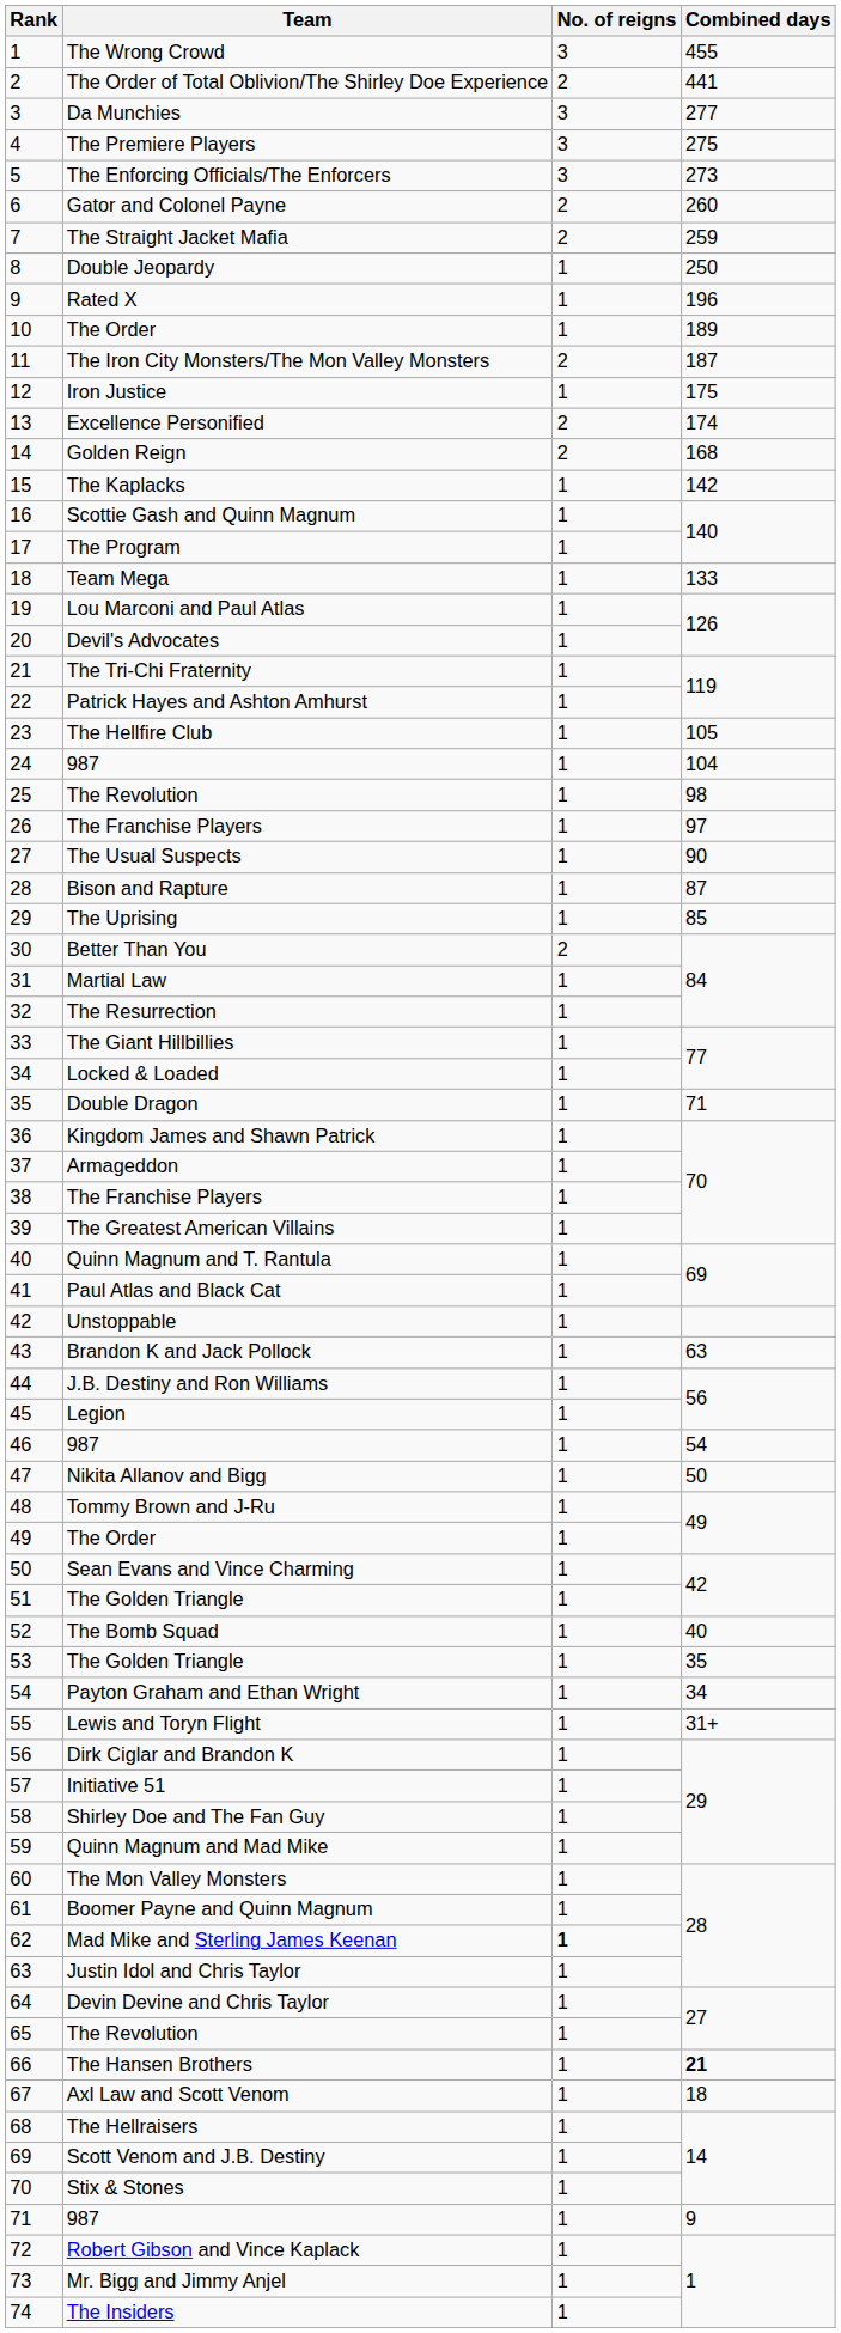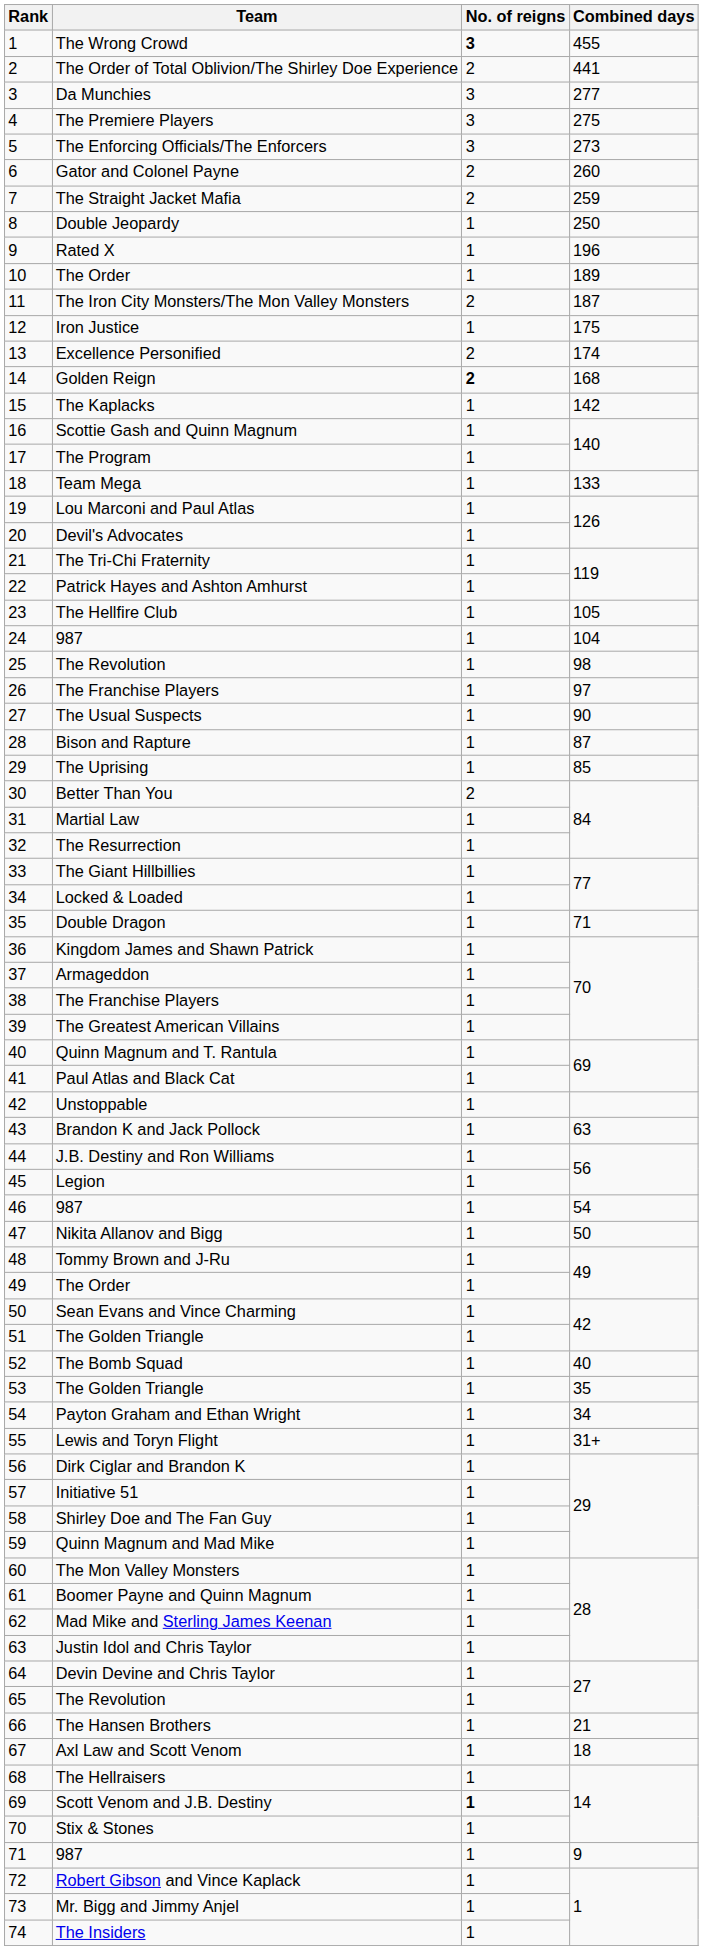 <table class="wikitable sortable">
 <tr>
 <th>Rank</th>
 <th>Team</th>
 <th>No. of reigns</th>
 <th>Combined days</th>
 </tr>
 <tr>
 <td>1</td>
 <td>The Wrong Crowd<br></td>
-<td>3</td>
+<td><strong>3</strong></td>
 <td>455</td>
 </tr>
 <tr>
 <td>2</td>
 <td>The Order of Total Oblivion/The Shirley Doe Experience<br></td>
 <td>2</td>
 <td>441</td>
 </tr>
 <tr>
 <td>3</td>
 <td>Da Munchies<br></td>
 <td>3</td>
 <td>277</td>
 </tr>
 <tr>
 <td>4</td>
 <td>The Premiere Players<br></td>
 <td>3</td>
 <td>275</td>
 </tr>
 <tr>
 <td>5</td>
 <td>The Enforcing Officials/The Enforcers<br></td>
 <td>3</td>
 <td>273</td>
 </tr>
 <tr>
 <td>6</td>
 <td>Gator and Colonel Payne</td>
 <td>2</td>
 <td>260</td>
 </tr>
 <tr>
 <td>7</td>
 <td>The Straight Jacket Mafia<br></td>
 <td>2</td>
 <td>259</td>
 </tr>
 <tr>
 <td>8</td>
 <td>Double Jeopardy<br></td>
 <td>1</td>
 <td>250</td>
 </tr>
 <tr>
 <td>9</td>
 <td>Rated X<br></td>
 <td>1</td>
 <td>196</td>
 </tr>
 <tr>
 <td>10</td>
 <td>The Order<br></td>
 <td>1</td>
 <td>189</td>
 </tr>
 <tr>
 <td>11</td>
 <td>The Iron City Monsters/The Mon Valley Monsters<br></td>
 <td>2</td>
 <td>187</td>
 </tr>
 <tr>
 <td>12</td>
 <td>Iron Justice<br></td>
 <td>1</td>
 <td>175</td>
 </tr>
 <tr>
 <td>13</td>
 <td>Excellence Personified<br></td>
 <td>2</td>
 <td>174</td>
 </tr>
 <tr>
 <td>14</td>
 <td>Golden Reign<br></td>
-<td>2</td>
+<td><strong>2</strong></td>
 <td>168</td>
 </tr>
 <tr>
 <td>15</td>
 <td>The Kaplacks<br></td>
 <td>1</td>
 <td>142</td>
 </tr>
 <tr>
 <td>16</td>
 <td>Scottie Gash and Quinn Magnum</td>
 <td>1</td>
 <td rowspan=2>140</td>
 </tr>
 <tr>
 <td>17</td>
 <td>The Program<br></td>
 <td>1</td>
 </tr>
 <tr>
 <td>18</td>
 <td>Team Mega<br></td>
 <td>1</td>
 <td>133</td>
 </tr>
 <tr>
 <td>19</td>
 <td>Lou Marconi and Paul Atlas</td>
 <td>1</td>
 <td rowspan=2>126</td>
 </tr>
 <tr>
 <td>20</td>
 <td>Devil's Advocates<br></td>
 <td>1</td>
 </tr>
 <tr>
 <td>21</td>
 <td>The Tri-Chi Fraternity<br></td>
 <td>1</td>
 <td rowspan=2>119</td>
 </tr>
 <tr>
 <td>22</td>
 <td>Patrick Hayes and Ashton Amhurst</td>
 <td>1</td>
 </tr>
 <tr>
 <td>23</td>
 <td>The Hellfire Club<br></td>
 <td>1</td>
 <td>105</td>
 </tr>
 <tr>
 <td>24</td>
 <td>987<br></td>
 <td>1</td>
 <td>104</td>
 </tr>
 <tr>
 <td>25</td>
 <td>The Revolution<br></td>
 <td>1</td>
 <td>98</td>
 </tr>
 <tr>
 <td>26</td>
 <td>The Franchise Players<br></td>
 <td>1</td>
 <td>97</td>
 </tr>
 <tr>
 <td>27</td>
 <td>The Usual Suspects<br></td>
 <td>1</td>
 <td>90</td>
 </tr>
 <tr>
 <td>28</td>
 <td>Bison and Rapture</td>
 <td>1</td>
 <td>87</td>
 </tr>
 <tr>
 <td>29</td>
 <td>The Uprising<br></td>
 <td>1</td>
 <td>85</td>
 </tr>
 <tr>
 <td>30</td>
 <td>Better Than You<br></td>
 <td>2</td>
 <td rowspan=3>84</td>
 </tr>
 <tr>
 <td>31</td>
 <td>Martial Law<br></td>
 <td>1</td>
 </tr>
 <tr>
 <td>32</td>
 <td>The Resurrection<br></td>
 <td>1</td>
 </tr>
 <tr>
 <td>33</td>
 <td>The Giant Hillbillies<br></td>
 <td>1</td>
 <td rowspan=2>77</td>
 </tr>
 <tr>
 <td>34</td>
 <td>Locked & Loaded<br></td>
 <td>1</td>
 </tr>
 <tr>
 <td>35</td>
 <td>Double Dragon<br></td>
 <td>1</td>
 <td>71</td>
 </tr>
 <tr>
 <td>36</td>
 <td>Kingdom James and Shawn Patrick</td>
 <td>1</td>
 <td rowspan=4>70</td>
 </tr>
 <tr>
 <td>37</td>
 <td>Armageddon<br></td>
 <td>1</td>
 </tr>
 <tr>
 <td>38</td>
 <td>The Franchise Players<br></td>
 <td>1</td>
 </tr>
 <tr>
 <td>39</td>
 <td>The Greatest American Villains<br></td>
 <td>1</td>
 </tr>
 <tr>
 <td>40</td>
 <td>Quinn Magnum and T. Rantula</td>
 <td>1</td>
 <td rowspan=2>69</td>
 </tr>
 <tr>
 <td>41</td>
 <td>Paul Atlas and Black Cat</td>
 <td>1</td>
 </tr>
 <tr>
 <td>42</td>
 <td>Unstoppable<br></td>
 <td>1</td>
 </tr>
 <tr>
 <td>43</td>
 <td>Brandon K and Jack Pollock</td>
 <td>1</td>
 <td>63</td>
 </tr>
 <tr>
 <td>44</td>
 <td>J.B. Destiny and Ron Williams</td>
 <td>1</td>
 <td rowspan=2>56</td>
 </tr>
 <tr>
 <td>45</td>
 <td>Legion<br></td>
 <td>1</td>
 </tr>
 <tr>
 <td>46</td>
 <td>987<br></td>
 <td>1</td>
 <td>54</td>
 </tr>
 <tr>
 <td>47</td>
 <td>Nikita Allanov and Bigg</td>
 <td>1</td>
 <td>50</td>
 </tr>
 <tr>
 <td>48</td>
 <td>Tommy Brown and J-Ru</td>
 <td>1</td>
 <td rowspan=2>49</td>
 </tr>
 <tr>
 <td>49</td>
 <td>The Order<br></td>
 <td>1</td>
 </tr>
 <tr>
 <td>50</td>
 <td>Sean Evans and Vince Charming</td>
 <td>1</td>
 <td rowspan=2>42</td>
 </tr>
 <tr>
 <td>51</td>
 <td>The Golden Triangle<br></td>
 <td>1</td>
 </tr>
 <tr>
 <td>52</td>
 <td>The Bomb Squad<br></td>
 <td>1</td>
 <td>40</td>
 </tr>
 <tr>
 <td>53</td>
 <td>The Golden Triangle<br></td>
 <td>1</td>
 <td>35</td>
 </tr>
 <tr>
 <td>54</td>
 <td>Payton Graham and Ethan Wright</td>
 <td>1</td>
 <td>34</td>
 </tr>
 <tr>
 <td>55</td>
 <td>Lewis and Toryn Flight</td>
 <td>1</td>
 <td>31+</td>
 </tr>
 <tr>
 <td>56</td>
 <td>Dirk Ciglar and Brandon K</td>
 <td>1</td>
 <td rowspan=4>29</td>
 </tr>
 <tr>
 <td>57</td>
 <td>Initiative 51<br></td>
 <td>1</td>
 </tr>
 <tr>
 <td>58</td>
 <td>Shirley Doe and The Fan Guy</td>
 <td>1</td>
 </tr>
 <tr>
 <td>59</td>
 <td>Quinn Magnum and Mad Mike</td>
 <td>1</td>
 </tr>
 <tr>
 <td>60</td>
 <td>The Mon Valley Monsters<br></td>
 <td>1</td>
 <td rowspan=4>28</td>
 </tr>
 <tr>
 <td>61</td>
 <td>Boomer Payne and Quinn Magnum</td>
 <td>1</td>
 </tr>
 <tr>
 <td>62</td>
 <td>Mad Mike and <a href='#'>Sterling James Keenan</a></td>
-<td><strong>1</strong></td>
+<td>1</td>
 </tr>
 <tr>
 <td>63</td>
 <td>Justin Idol and Chris Taylor</td>
 <td>1</td>
 </tr>
 <tr>
 <td>64</td>
 <td>Devin Devine and Chris Taylor</td>
 <td>1</td>
 <td rowspan=2>27</td>
 </tr>
 <tr>
 <td>65</td>
 <td>The Revolution<br></td>
 <td>1</td>
 </tr>
 <tr>
 <td>66</td>
 <td>The Hansen Brothers<br></td>
 <td>1</td>
-<td><strong>21</strong></td>
+<td>21</td>
 </tr>
 <tr>
 <td>67</td>
 <td>Axl Law and Scott Venom</td>
 <td>1</td>
 <td>18</td>
 </tr>
 <tr>
 <td>68</td>
 <td>The Hellraisers<br></td>
 <td>1</td>
 <td rowspan=3>14</td>
 </tr>
 <tr>
 <td>69</td>
 <td>Scott Venom and J.B. Destiny</td>
-<td>1</td>
+<td><strong>1</strong></td>
 </tr>
 <tr>
 <td>70</td>
 <td>Stix & Stones<br></td>
 <td>1</td>
 </tr>
 <tr>
 <td>71</td>
 <td>987<br></td>
 <td>1</td>
 <td>9</td>
 </tr>
 <tr>
 <td>72</td>
 <td><a href='#'>Robert Gibson</a> and Vince Kaplack</td>
 <td>1</td>
 <td rowspan=3>1</td>
 </tr>
 <tr>
 <td>73</td>
 <td>Mr. Bigg and Jimmy Anjel</td>
 <td>1</td>
 </tr>
 <tr>
 <td>74</td>
 <td><a href='#'>The Insiders</a><br></td>
 <td>1</td>
 </tr>
 </table>
